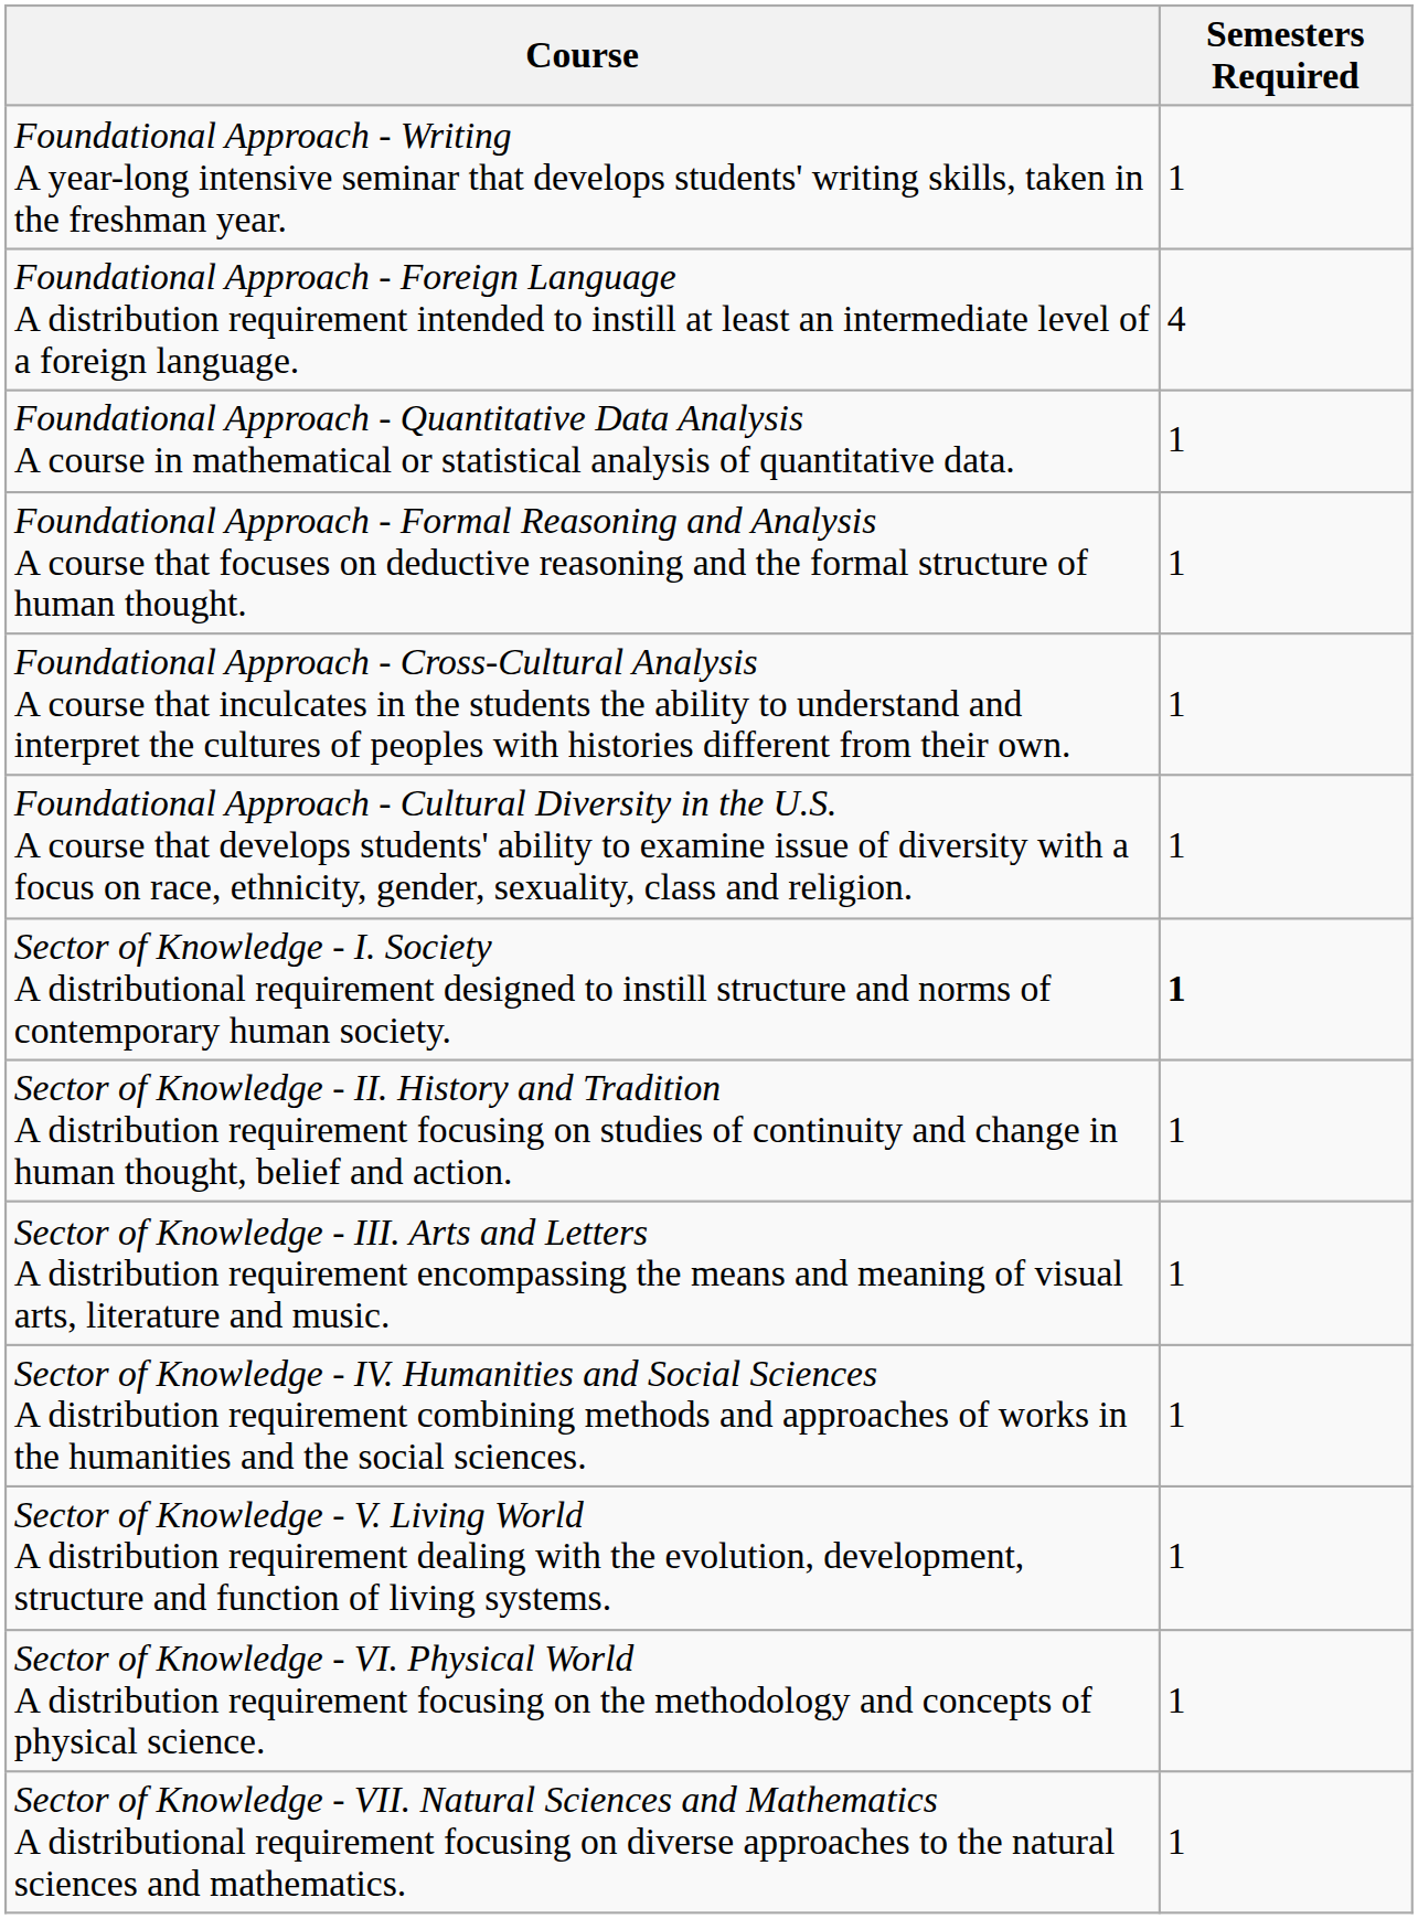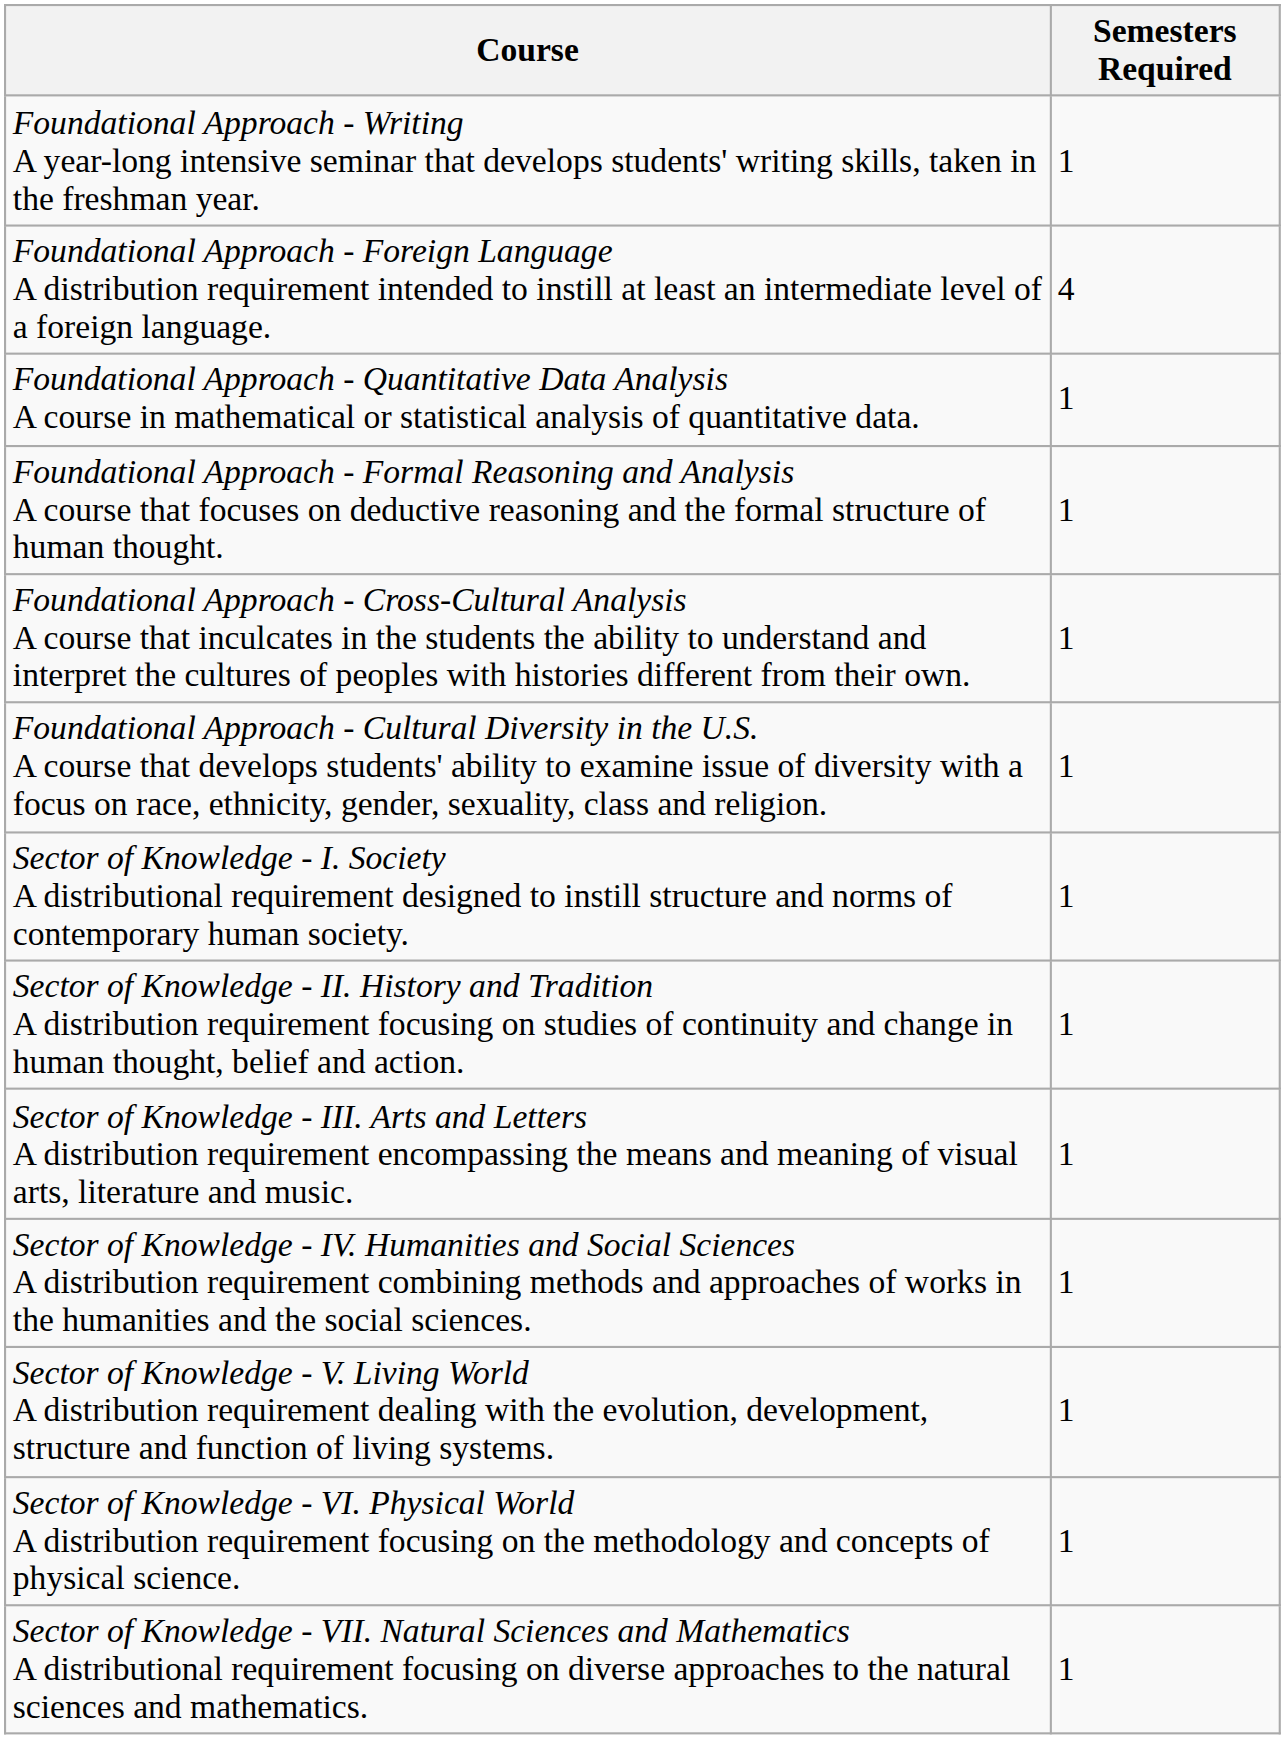 <table class="wikitable">
 <tr>
 <th>Course</th>
 <th>Semesters Required</th>
 </tr>
 <tr>
 <td><em>Foundational Approach - Writing</em><br>A year-long intensive seminar that develops students' writing skills, taken in the freshman year.</td>
 <td>1</td>
 </tr>
 <tr>
 <td><em>Foundational Approach - Foreign Language</em><br>A distribution requirement intended to instill at least an intermediate level of a foreign language.</td>
 <td>4</td>
 </tr>
 <tr>
 <td><em>Foundational Approach - Quantitative Data Analysis</em><br>A course in mathematical or statistical analysis of quantitative data.</td>
 <td>1</td>
 </tr>
 <tr>
 <td><em>Foundational Approach - Formal Reasoning and Analysis</em><br>A course that focuses on deductive reasoning and the formal structure of human thought.</td>
 <td>1</td>
 </tr>
 <tr>
 <td><em>Foundational Approach - Cross-Cultural Analysis</em><br>A course that inculcates in the students the ability to understand and interpret the cultures of peoples with histories different from their own.</td>
 <td>1</td>
 </tr>
 <tr>
 <td><em>Foundational Approach - Cultural Diversity in the U.S.</em><br>A course that develops students' ability to examine issue of diversity with a focus on race, ethnicity, gender, sexuality, class and religion.</td>
 <td>1</td>
 </tr>
 <tr>
 <td><em>Sector of Knowledge - I. Society</em><br>A distributional requirement designed to instill structure and norms of contemporary human society.</td>
-<td><strong>1</strong></td>
+<td>1</td>
 </tr>
 <tr>
 <td><em>Sector of Knowledge - II. History and Tradition</em><br>A distribution requirement focusing on studies of continuity and change in human thought, belief and action.</td>
 <td>1</td>
 </tr>
 <tr>
 <td><em>Sector of Knowledge - III. Arts and Letters</em><br>A distribution requirement encompassing the means and meaning of visual arts, literature and music.</td>
 <td>1</td>
 </tr>
 <tr>
 <td><em>Sector of Knowledge - IV. Humanities and Social Sciences</em><br>A distribution requirement combining methods and approaches of works in the humanities and the social sciences.</td>
 <td>1</td>
 </tr>
 <tr>
 <td><em>Sector of Knowledge - V. Living World</em><br>A distribution requirement dealing with the evolution, development, structure and function of living systems.</td>
 <td>1</td>
 </tr>
 <tr>
 <td><em>Sector of Knowledge - VI. Physical World</em><br>A distribution requirement focusing on the methodology and concepts of physical science.</td>
 <td>1</td>
 </tr>
 <tr>
 <td><em>Sector of Knowledge - VII. Natural Sciences and Mathematics</em><br>A distributional requirement focusing on diverse approaches to the natural sciences and mathematics.</td>
 <td>1</td>
 </tr>
 </table>
